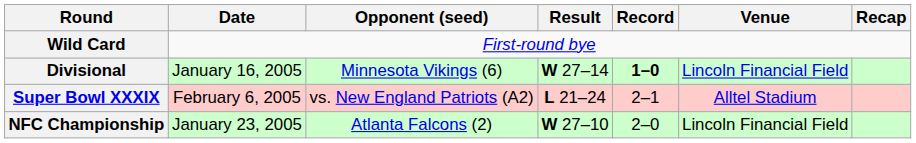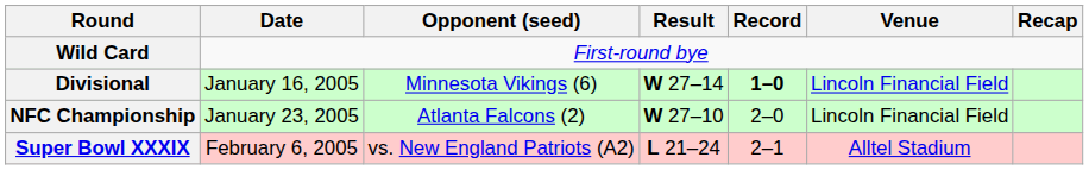 <table class="wikitable" style="text-align:center">
 <tr>
 <th>Round</th>
 <th>Date</th>
 <th>Opponent (seed)</th>
 <th>Result</th>
 <th>Record</th>
 <th>Venue</th>
 <th>Recap</th>
 </tr>
 <tr>
 <th>Wild Card</th>
 <td colspan="6"><em><a href='#'>First-round bye</a></em></td>
 </tr>
 <tr style="background:#cfc">
 <th>Divisional</th>
 <td>January 16, 2005</td>
 <td><a href='#'>Minnesota Vikings</a> (6)</td>
 <td><strong>W</strong> 27–14</td>
 <td><strong>1–0</strong></td>
 <td><a href='#'>Lincoln Financial Field</a></td>
 <td></td>
 </tr>
+<tr style="background:#cfc">
+<th>NFC Championship</th>
+<td>January 23, 2005</td>
+<td><a href='#'>Atlanta Falcons</a> (2)</td>
+<td><strong>W</strong> 27–10</td>
+<td>2–0</td>
+<td>Lincoln Financial Field</td>
+<td></td>
+</tr>
 <tr style="background:#fcc">
 <th><a href='#'>Super Bowl XXXIX</a></th>
 <td>February 6, 2005</td>
 <td>vs. <a href='#'>New England Patriots</a> (A2)</td>
 <td><strong>L</strong> 21–24</td>
 <td>2–1</td>
 <td><a href='#'>Alltel Stadium</a></td>
 <td></td>
 </tr>
-<tr style="background:#cfc">
-<th>NFC Championship</th>
-<td>January 23, 2005</td>
-<td><a href='#'>Atlanta Falcons</a> (2)</td>
-<td><strong>W</strong> 27–10</td>
-<td>2–0</td>
-<td>Lincoln Financial Field</td>
-<td></td>
-</tr>
 </table>
